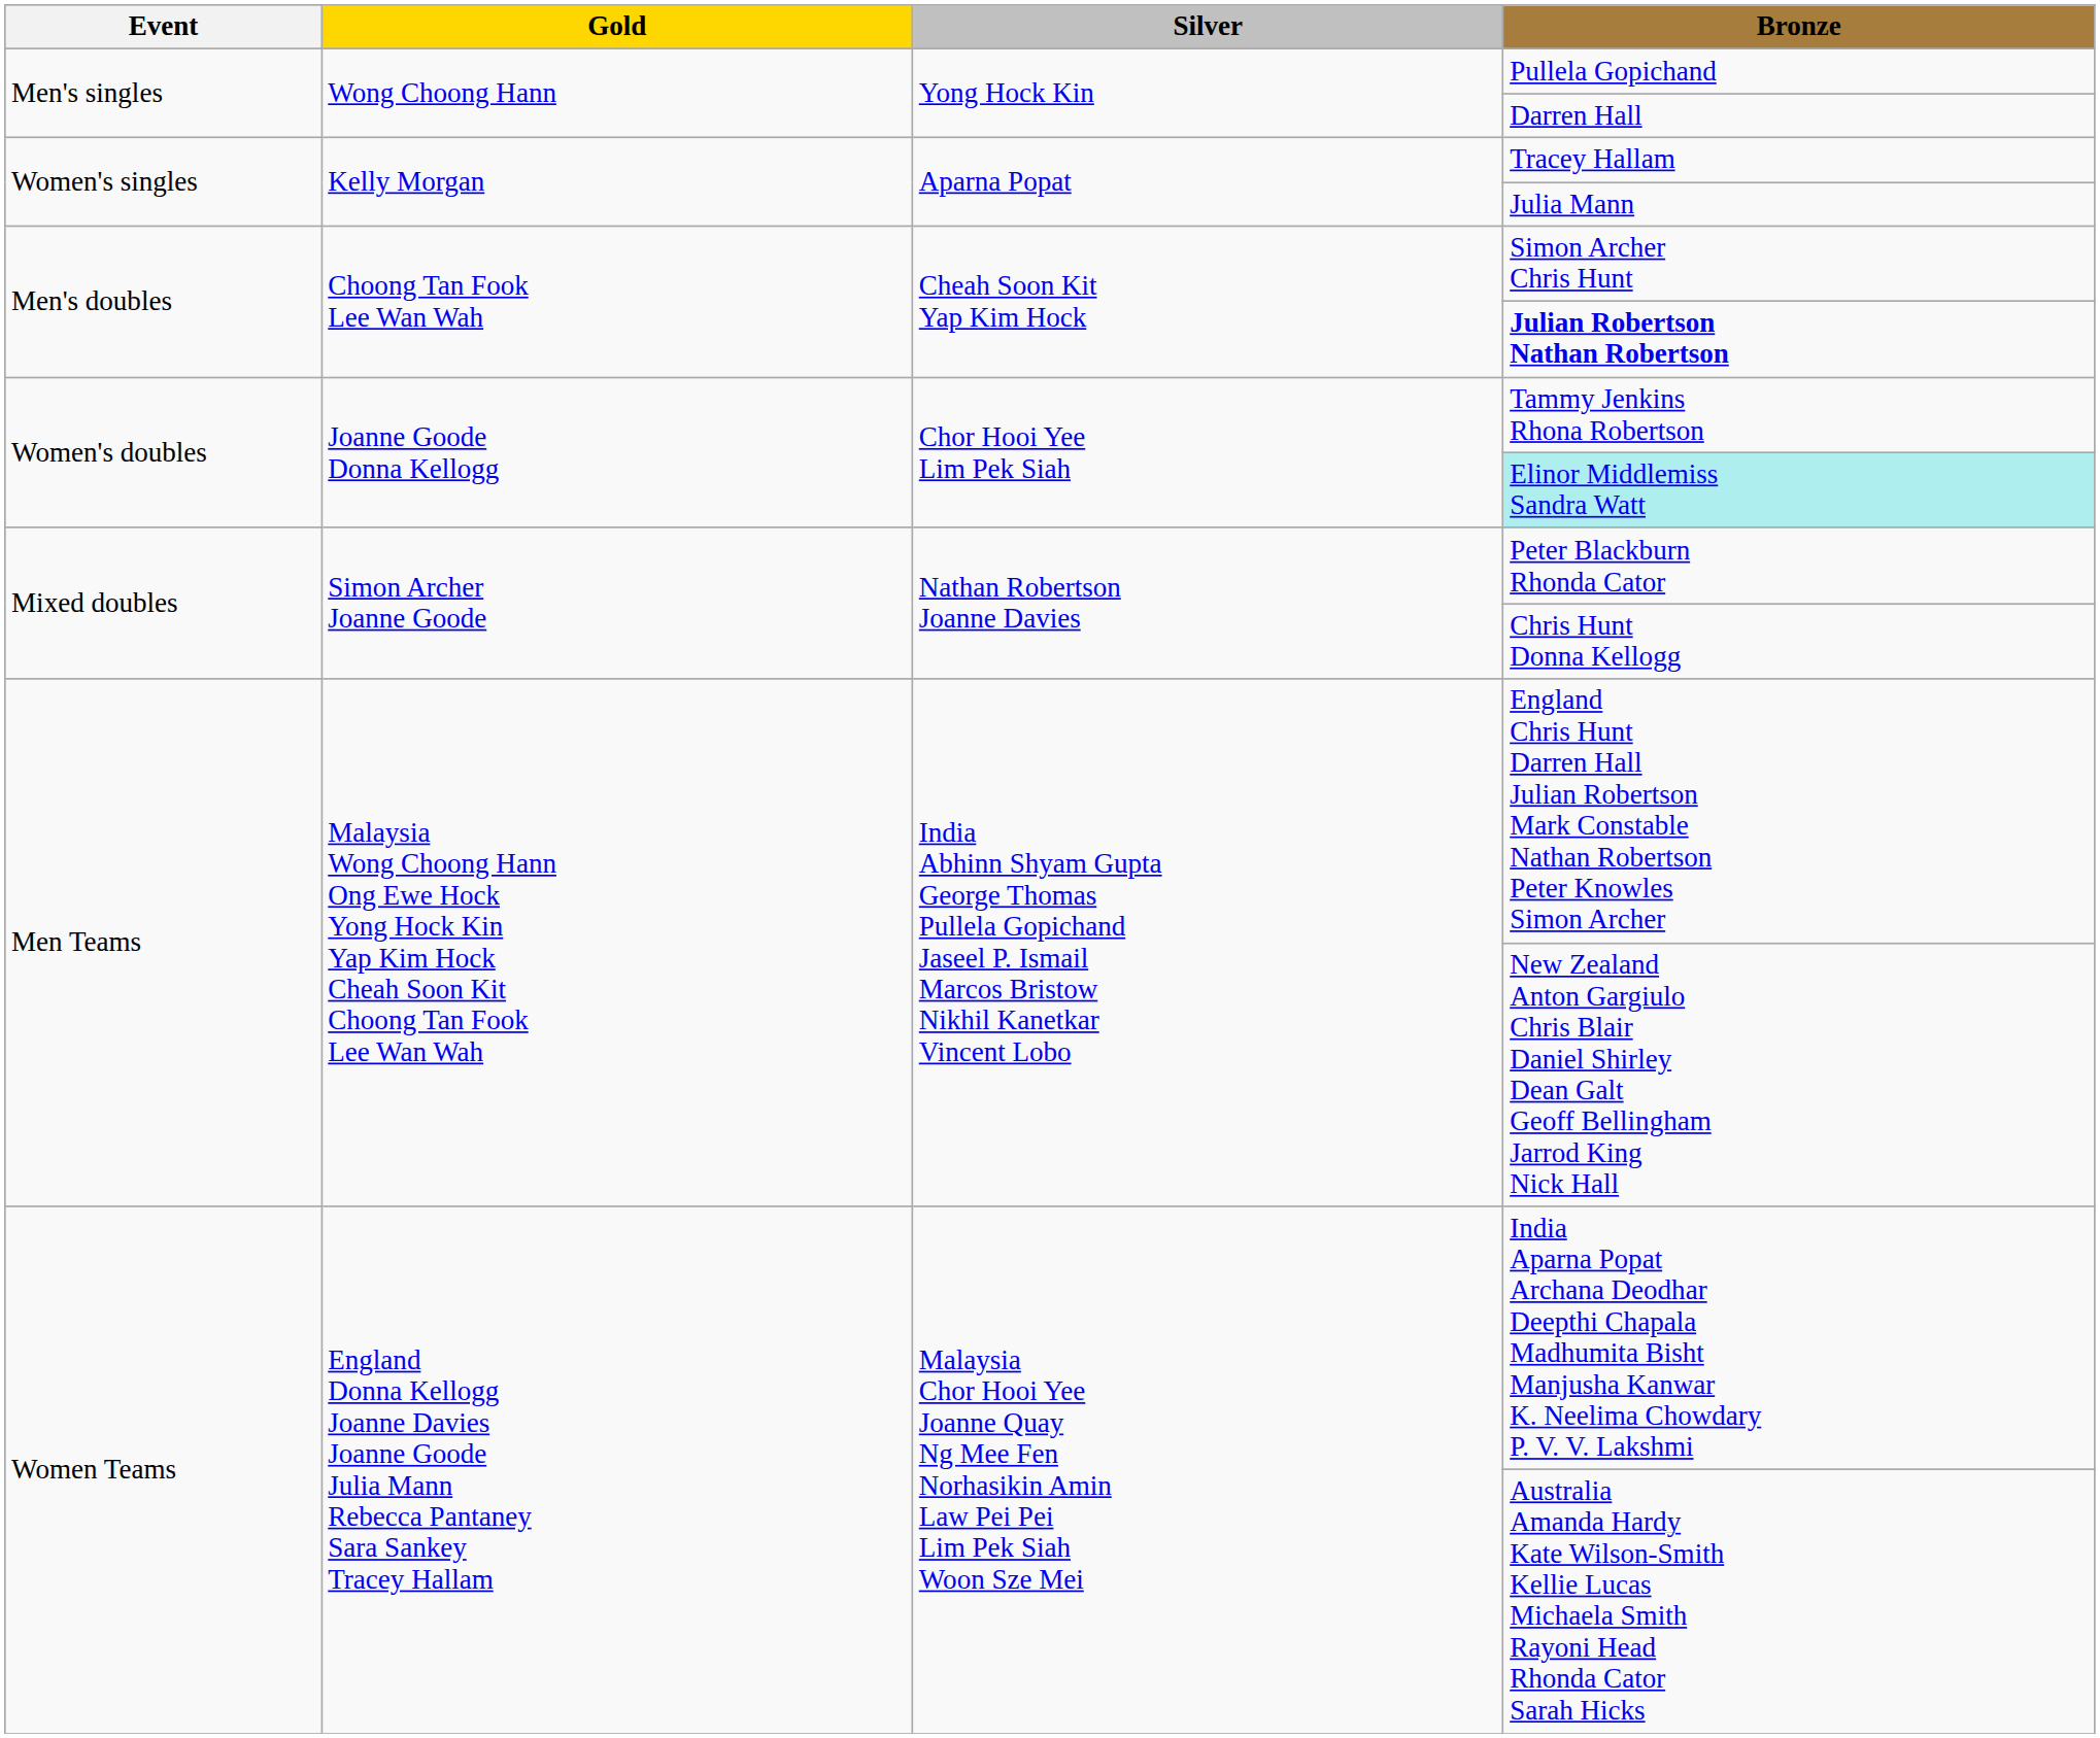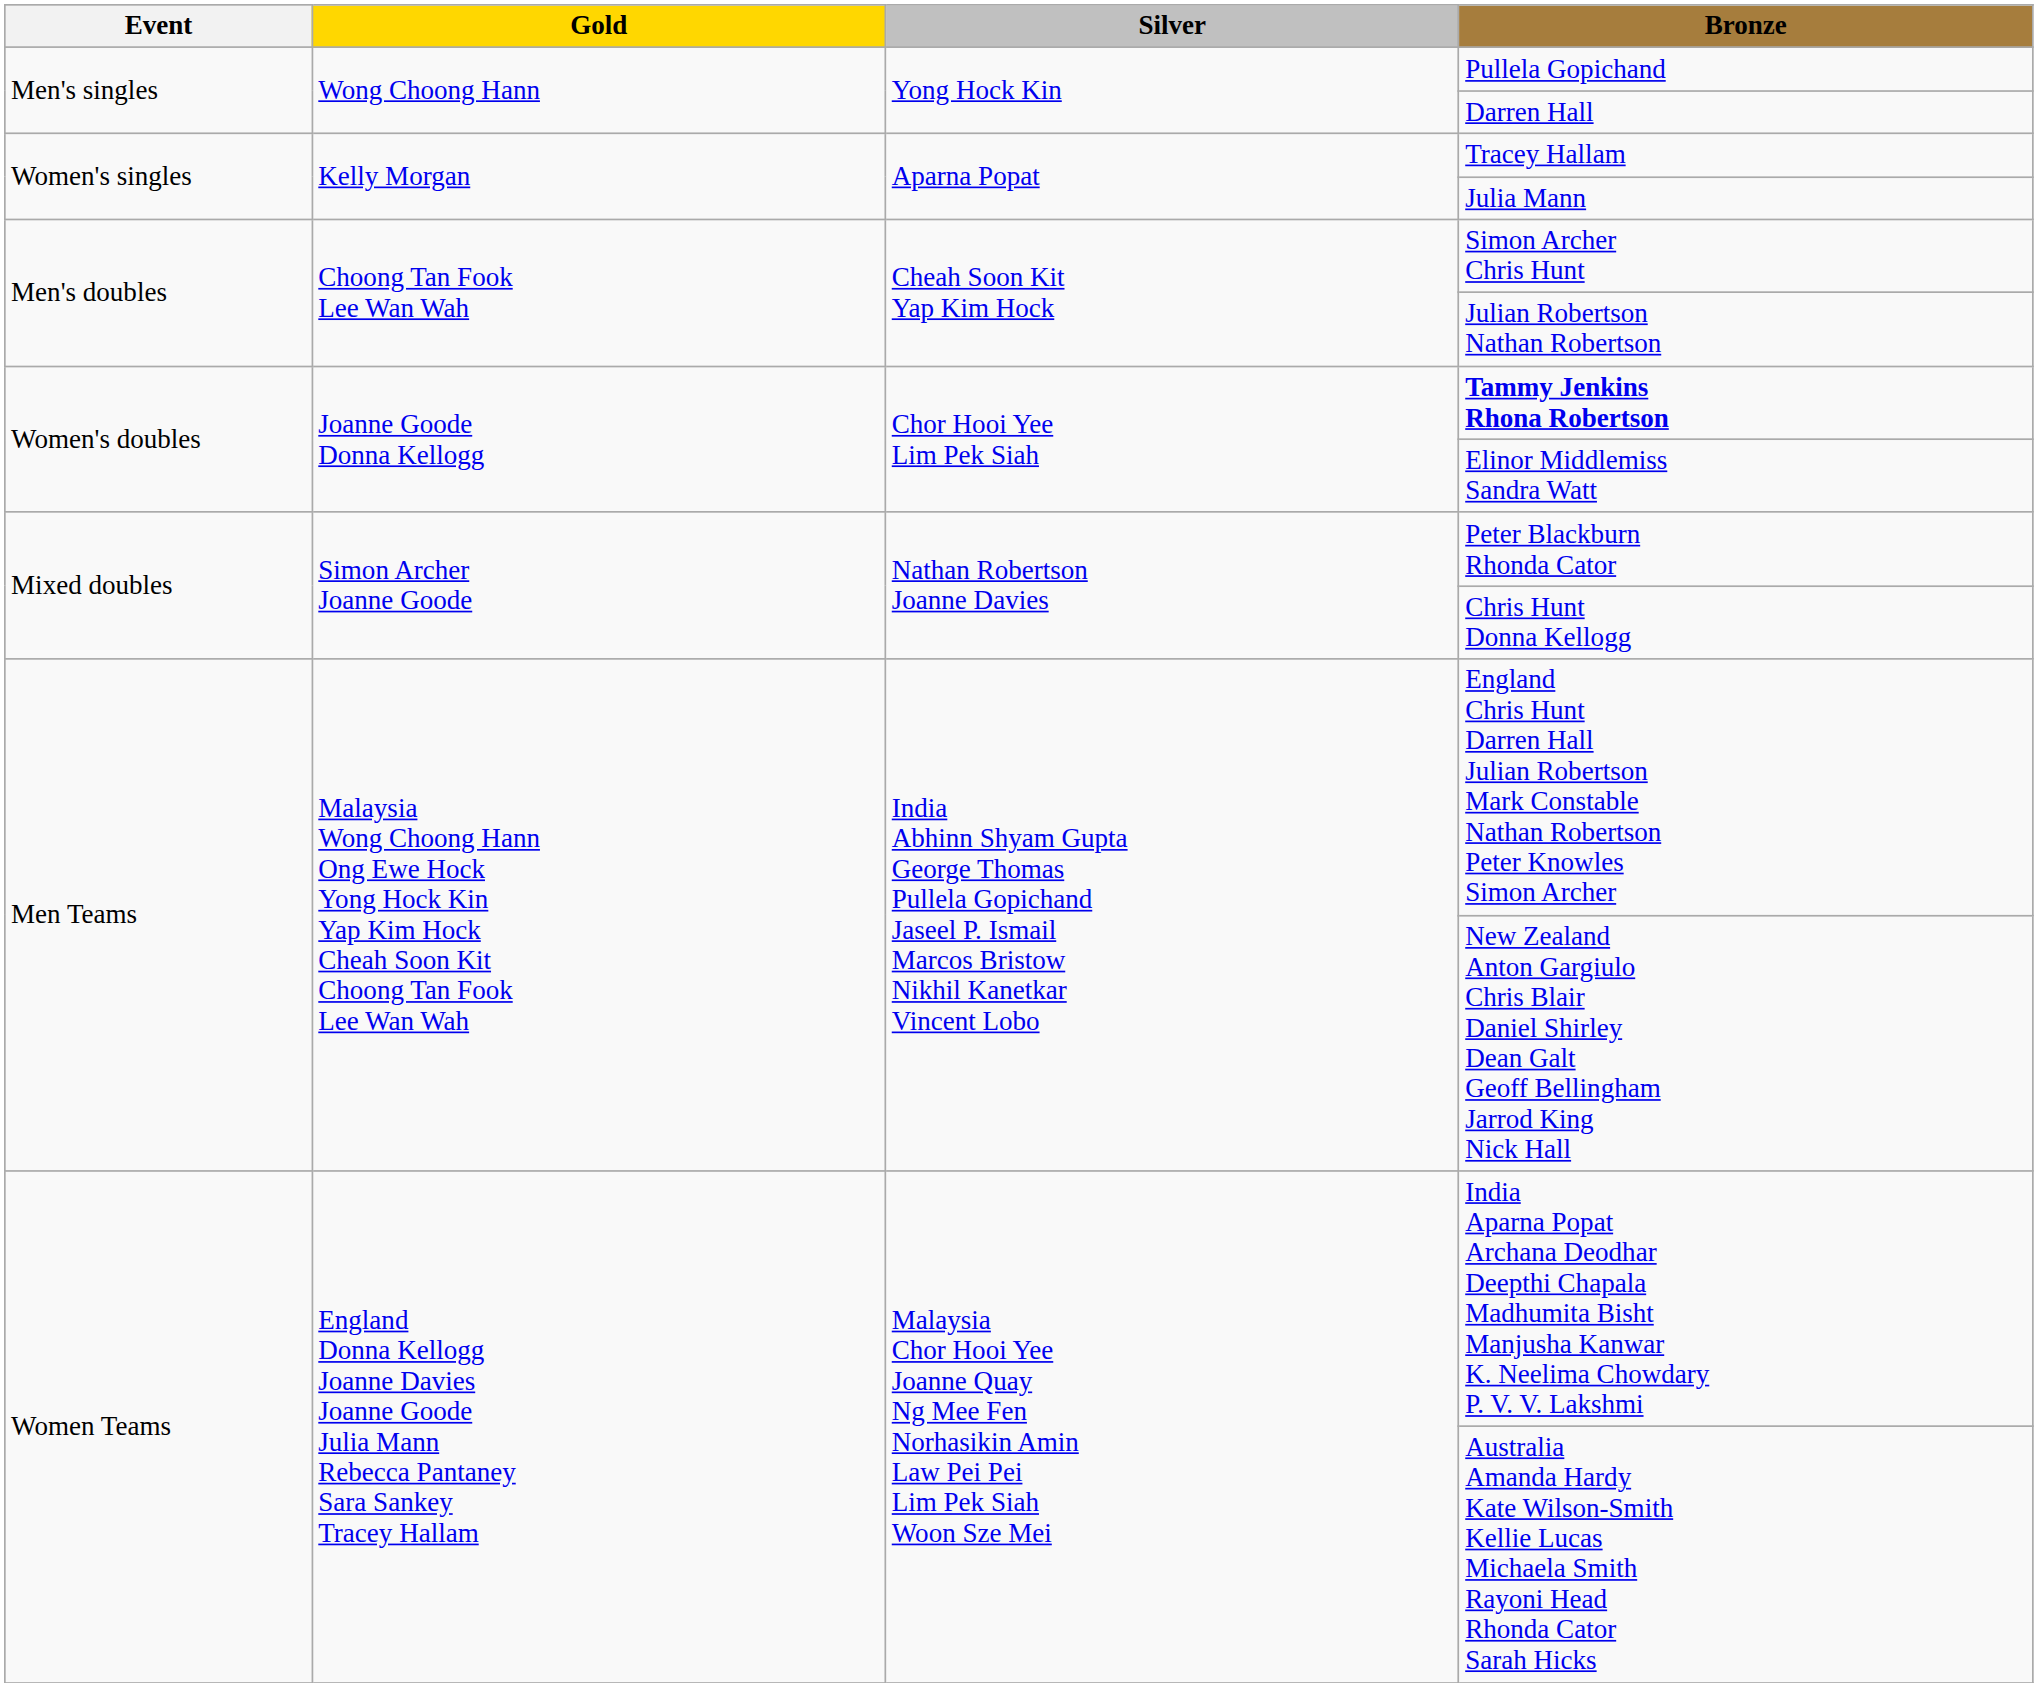 <table class="wikitable" style="width:95%;">
 <tr>
 <th style="width:15%;"><strong>Event</strong></th>
 <th style="background:gold; width:28%;">Gold</th>
 <th style="background:silver; width:28%;">Silver</th>
 <th style="background:#a67d3d; width:28%;">Bronze</th>
 </tr>
 <tr>
 <td rowspan="2">Men's singles</td>
 <td rowspan="2"> <a href='#'>Wong Choong Hann</a></td>
 <td rowspan="2"> <a href='#'>Yong Hock Kin</a></td>
 <td> <a href='#'>Pullela Gopichand</a></td>
 </tr>
 <tr>
 <td> <a href='#'>Darren Hall</a></td>
 </tr>
 <tr>
 <td rowspan="2">Women's singles</td>
 <td rowspan="2"> <a href='#'>Kelly Morgan</a></td>
 <td rowspan="2"> <a href='#'>Aparna Popat</a></td>
 <td> <a href='#'>Tracey Hallam</a></td>
 </tr>
 <tr>
 <td> <a href='#'>Julia Mann</a></td>
 </tr>
 <tr>
 <td rowspan="2">Men's doubles</td>
 <td rowspan="2"> <a href='#'>Choong Tan Fook</a> <br> <a href='#'>Lee Wan Wah</a></td>
 <td rowspan="2"> <a href='#'>Cheah Soon Kit</a> <br> <a href='#'>Yap Kim Hock</a></td>
 <td> <a href='#'>Simon Archer</a> <br>  <a href='#'>Chris Hunt</a></td>
 </tr>
 <tr>
-<td><strong> <a href='#'>Julian Robertson</a> <br> <a href='#'>Nathan Robertson</a></strong></td>
+<td> <a href='#'>Julian Robertson</a> <br> <a href='#'>Nathan Robertson</a></td>
 </tr>
 <tr>
 <td rowspan="2">Women's doubles</td>
 <td rowspan="2"> <a href='#'>Joanne Goode</a> <br> <a href='#'>Donna Kellogg</a></td>
 <td rowspan="2"> <a href='#'>Chor Hooi Yee</a> <br> <a href='#'>Lim Pek Siah</a></td>
-<td> <a href='#'>Tammy Jenkins</a> <br>  <a href='#'>Rhona Robertson</a></td>
+<td><strong> <a href='#'>Tammy Jenkins</a> <br>  <a href='#'>Rhona Robertson</a></strong></td>
 </tr>
 <tr>
-<td style="background: paleturquoise;"> <a href='#'>Elinor Middlemiss</a> <br>  <a href='#'>Sandra Watt</a></td>
+<td> <a href='#'>Elinor Middlemiss</a> <br>  <a href='#'>Sandra Watt</a></td>
 </tr>
 <tr>
 <td rowspan="2">Mixed doubles</td>
 <td rowspan="2"> <a href='#'>Simon Archer</a> <br>  <a href='#'>Joanne Goode</a></td>
 <td rowspan="2"> <a href='#'>Nathan Robertson</a> <br>  <a href='#'>Joanne Davies</a></td>
 <td> <a href='#'>Peter Blackburn</a> <br>  <a href='#'>Rhonda Cator</a></td>
 </tr>
 <tr>
 <td> <a href='#'>Chris Hunt</a> <br>  <a href='#'>Donna Kellogg</a></td>
 </tr>
 <tr>
 <td rowspan="2">Men Teams</td>
 <td rowspan="2"> <a href='#'>Malaysia</a><br><a href='#'>Wong Choong Hann</a><br><a href='#'>Ong Ewe Hock</a><br><a href='#'>Yong Hock Kin</a><br><a href='#'>Yap Kim Hock</a><br><a href='#'>Cheah Soon Kit</a><br><a href='#'>Choong Tan Fook</a><br><a href='#'>Lee Wan Wah</a></td>
 <td rowspan="2"> <a href='#'>India</a><br><a href='#'>Abhinn Shyam Gupta</a><br><a href='#'>George Thomas</a><br><a href='#'>Pullela Gopichand</a><br><a href='#'>Jaseel P. Ismail</a><br><a href='#'>Marcos Bristow</a><br><a href='#'>Nikhil Kanetkar</a><br><a href='#'>Vincent Lobo</a></td>
 <td> <a href='#'>England</a><br><a href='#'>Chris Hunt</a><br><a href='#'>Darren Hall</a><br><a href='#'>Julian Robertson</a><br><a href='#'>Mark Constable</a><br><a href='#'>Nathan Robertson</a><br><a href='#'>Peter Knowles</a><br><a href='#'>Simon Archer</a></td>
 </tr>
 <tr>
 <td> <a href='#'>New Zealand</a><br><a href='#'>Anton Gargiulo</a><br><a href='#'>Chris Blair</a><br><a href='#'>Daniel Shirley</a><br><a href='#'>Dean Galt</a><br><a href='#'>Geoff Bellingham</a><br><a href='#'>Jarrod King</a><br><a href='#'>Nick Hall</a></td>
 </tr>
 <tr>
 <td rowspan="2">Women Teams</td>
 <td rowspan="2"> <a href='#'>England</a><br><a href='#'>Donna Kellogg</a><br><a href='#'>Joanne Davies</a><br><a href='#'>Joanne Goode</a><br><a href='#'>Julia Mann</a><br><a href='#'>Rebecca Pantaney</a><br><a href='#'>Sara Sankey</a><br><a href='#'>Tracey Hallam</a></td>
 <td rowspan="2"> <a href='#'>Malaysia</a><br><a href='#'>Chor Hooi Yee</a><br><a href='#'>Joanne Quay</a><br><a href='#'>Ng Mee Fen</a><br><a href='#'>Norhasikin Amin</a><br><a href='#'>Law Pei Pei</a><br><a href='#'>Lim Pek Siah</a><br><a href='#'>Woon Sze Mei</a></td>
 <td> <a href='#'>India</a><br><a href='#'>Aparna Popat</a><br><a href='#'>Archana Deodhar</a><br><a href='#'>Deepthi Chapala</a><br><a href='#'>Madhumita Bisht</a><br><a href='#'>Manjusha Kanwar</a><br><a href='#'>K. Neelima Chowdary</a><br><a href='#'>P. V. V. Lakshmi</a></td>
 </tr>
 <tr>
 <td> <a href='#'>Australia</a><br><a href='#'>Amanda Hardy</a><br><a href='#'>Kate Wilson-Smith</a><br><a href='#'>Kellie Lucas</a><br><a href='#'>Michaela Smith</a><br><a href='#'>Rayoni Head</a><br><a href='#'>Rhonda Cator</a><br><a href='#'>Sarah Hicks</a></td>
 </tr>
 </table>
